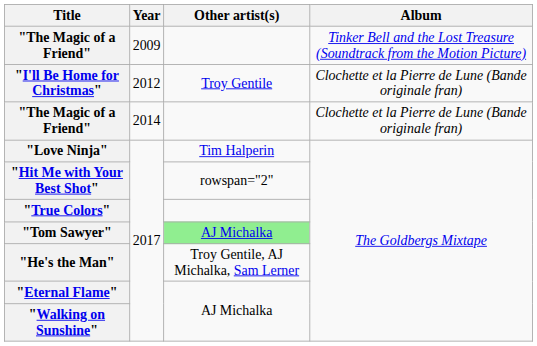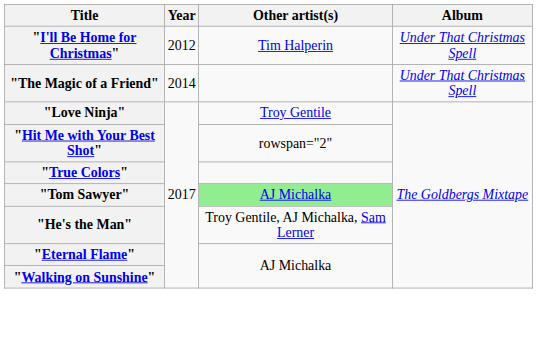 <table class="wikitable plainrowheaders" style="text-align:center;">
 <tr>
 <th scope="col">Title</th>
 <th scope="col">Year</th>
 <th scope="col">Other artist(s)</th>
 <th scope="col">Album</th>
 </tr>
 <tr>
-<th scope="row">"The Magic of a Friend"</th>
-<td>2009</td>
-<td></td>
-<td><em><a href='#'>Tinker Bell and the Lost Treasure (Soundtrack from the Motion Picture)</a></em></td>
-</tr>
-<tr>
 <th scope="row">"<a href='#'>I'll Be Home for Christmas</a>"</th>
 <td>2012</td>
-<td><a href='#'>Troy Gentile</a></td>
-<td><em>Clochette et la Pierre de Lune (Bande originale fran)</em></td>
+<td><a href='#'>Tim Halperin</a></td>
+<td><em><a href='#'>Under That Christmas Spell</a></em></td>
 </tr>
 <tr>
 <th scope="row">"The Magic of a Friend"</th>
 <td>2014</td>
 <td></td>
-<td><em>Clochette et la Pierre de Lune (Bande originale fran)</em></td>
+<td><em><a href='#'>Under That Christmas Spell</a></em></td>
 </tr>
 <tr>
 <th scope="row">"Love Ninja"</th>
 <td rowspan="7">2017</td>
-<td><a href='#'>Tim Halperin</a></td>
+<td><a href='#'>Troy Gentile</a></td>
 <td rowspan="7"><em><a href='#'>The Goldbergs Mixtape</a></em></td>
 </tr>
 <tr>
 <th scope="row">"<a href='#'>Hit Me with Your Best Shot</a>"</th>
 <td>rowspan="2" </td>
 </tr>
 <tr>
 <th scope="row">"<a href='#'>True Colors</a>"</th>
 </tr>
 <tr>
 <th scope="row">"Tom Sawyer"</th>
 <td style="background: lightgreen;"><a href='#'>AJ Michalka</a></td>
 </tr>
 <tr>
 <th scope="row">"He's the Man"</th>
 <td>Troy Gentile, AJ Michalka, <a href='#'>Sam Lerner</a></td>
 </tr>
 <tr>
 <th scope="row">"<a href='#'>Eternal Flame</a>"</th>
 <td rowspan="2">AJ Michalka</td>
 </tr>
 <tr>
 <th scope="row">"<a href='#'>Walking on Sunshine</a>"</th>
 </tr>
 </table>
